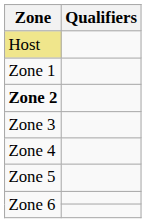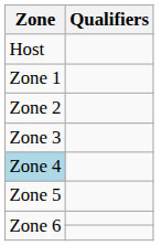 <table class=wikitable>
 <tr>
 <th>Zone</th>
 <th>Qualifiers</th>
 </tr>
 <tr>
-<td style="background: khaki;">Host</td>
+<td>Host</td>
 <td></td>
 </tr>
 <tr>
 <td>Zone 1</td>
 <td></td>
 </tr>
 <tr>
-<td><strong>Zone 2</strong></td>
+<td>Zone 2</td>
 <td></td>
 </tr>
 <tr>
 <td>Zone 3</td>
 <td></td>
 </tr>
 <tr>
-<td>Zone 4</td>
+<td style="background: lightblue;">Zone 4</td>
 <td></td>
 </tr>
 <tr>
 <td>Zone 5</td>
 <td></td>
 </tr>
 <tr>
 <td rowspan="2">Zone 6</td>
 <td></td>
 </tr>
 <tr>
 <td></td>
 </tr>
 </table>
